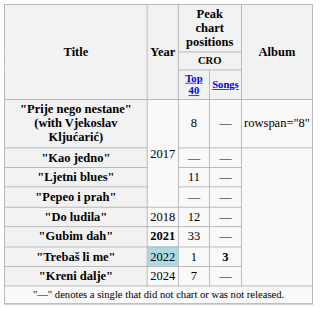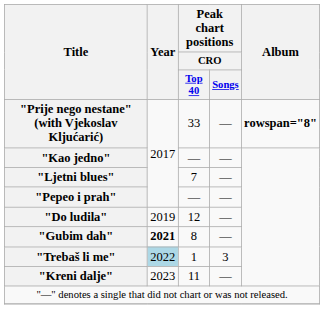 <table class="wikitable plainrowheaders" style="text-align:center;">
 <tr>
 <th rowspan="3" scope="col" style="width:11em;">Title</th>
 <th rowspan="3" scope="col">Year</th>
 <th colspan="2" scope="col">Peak chart positions</th>
 <th rowspan="3" scope="col">Album</th>
 </tr>
 <tr>
 <th colspan="2" style="width:2.5em; font-size:85%">CRO</th>
 </tr>
 <tr>
 <th style="width:2.5em; font-size:85%"><a href='#'>Top 40</a><br></th>
 <th style="width:2.5em; font-size:85%"><a href='#'>Songs</a><br></th>
 </tr>
 <tr>
 <th scope="row">"Prije nego nestane" <span>(with Vjekoslav Kljućarić)</span></th>
 <td rowspan="4">2017</td>
-<td>8</td>
+<td>33</td>
 <td>—</td>
-<td>rowspan="8" </td>
+<td><strong>rowspan="8" </strong></td>
 </tr>
 <tr>
 <th scope="row">"Kao jedno"</th>
 <td>—</td>
 <td>—</td>
 </tr>
 <tr>
 <th scope="row">"Ljetni blues"</th>
-<td>11</td>
+<td>7</td>
 <td>—</td>
 </tr>
 <tr>
 <th scope="row">"Pepeo i prah"</th>
 <td>—</td>
 <td>—</td>
 </tr>
 <tr>
 <th scope="row">"Do ludila"</th>
-<td>2018</td>
+<td>2019</td>
 <td>12</td>
 <td>—</td>
 </tr>
 <tr>
 <th scope="row">"Gubim dah"</th>
 <td><strong>2021</strong></td>
-<td>33</td>
+<td>8</td>
 <td>—</td>
 </tr>
 <tr>
 <th scope="row">"Trebaš li me"<br></th>
 <td style="background: lightblue;">2022</td>
 <td>1</td>
-<td><strong>3</strong></td>
+<td>3</td>
 </tr>
 <tr>
 <th scope="row">"Kreni dalje"</th>
-<td>2024</td>
-<td>7</td>
+<td>2023</td>
+<td>11</td>
 <td>—</td>
 </tr>
 <tr>
 <td colspan="20" style="text-align:center; font-size:85%;">"—" denotes a single that did not chart or was not released.</td>
 </tr>
 <tr>
 </tr>
 </table>
